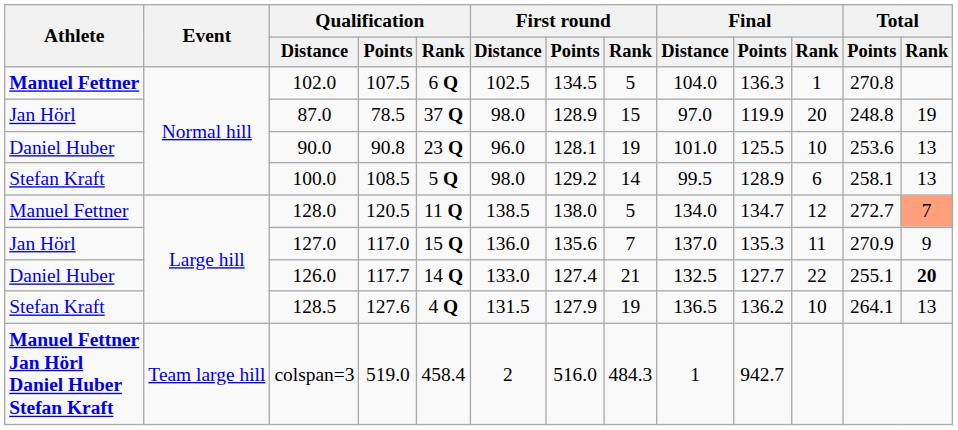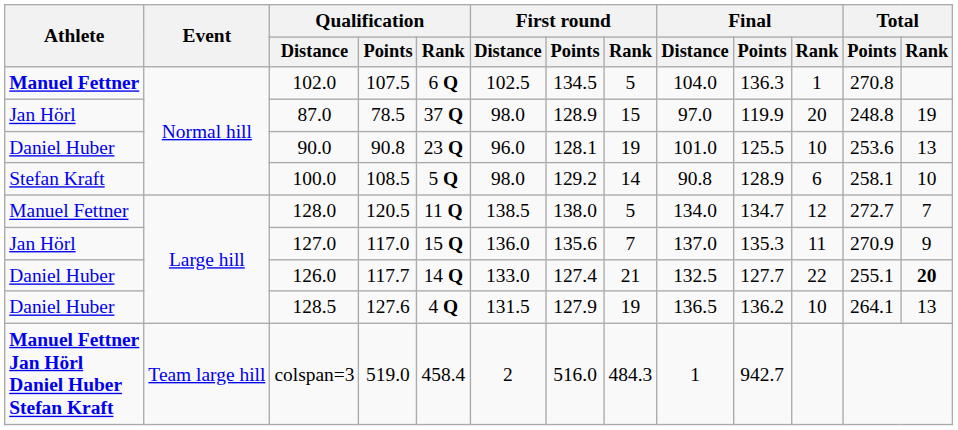 <table class=wikitable style="font-size:90%; text-align:center">
 <tr>
 <th rowspan=2>Athlete</th>
 <th rowspan=2>Event</th>
 <th colspan=3>Qualification</th>
 <th colspan=3>First round</th>
 <th colspan=3>Final</th>
 <th colspan=2>Total</th>
 </tr>
 <tr style="font-size:95%">
 <th>Distance</th>
 <th>Points</th>
 <th>Rank</th>
 <th>Distance</th>
 <th>Points</th>
 <th>Rank</th>
 <th>Distance</th>
 <th>Points</th>
 <th>Rank</th>
 <th>Points</th>
 <th>Rank</th>
 </tr>
 <tr>
 <td align=left><strong><a href='#'>Manuel Fettner</a></strong></td>
 <td rowspan=4><a href='#'>Normal hill</a></td>
 <td>102.0</td>
 <td>107.5</td>
 <td>6 <strong>Q</strong></td>
 <td>102.5</td>
 <td>134.5</td>
 <td>5</td>
 <td>104.0</td>
 <td>136.3</td>
 <td>1</td>
 <td>270.8</td>
 <td></td>
 </tr>
 <tr>
 <td align=left><a href='#'>Jan Hörl</a></td>
 <td>87.0</td>
 <td>78.5</td>
 <td>37 <strong>Q</strong></td>
 <td>98.0</td>
 <td>128.9</td>
 <td>15</td>
 <td>97.0</td>
 <td>119.9</td>
 <td>20</td>
 <td>248.8</td>
 <td>19</td>
 </tr>
 <tr>
 <td align=left><a href='#'>Daniel Huber</a></td>
 <td>90.0</td>
 <td>90.8</td>
 <td>23 <strong>Q</strong></td>
 <td>96.0</td>
 <td>128.1</td>
 <td>19</td>
 <td>101.0</td>
 <td>125.5</td>
 <td>10</td>
 <td>253.6</td>
 <td>13</td>
 </tr>
 <tr>
 <td align=left><a href='#'>Stefan Kraft</a></td>
 <td>100.0</td>
 <td>108.5</td>
 <td>5 <strong>Q</strong></td>
 <td>98.0</td>
 <td>129.2</td>
 <td>14</td>
-<td>99.5</td>
+<td>90.8</td>
 <td>128.9</td>
 <td>6</td>
 <td>258.1</td>
-<td>13</td>
+<td>10</td>
 </tr>
 <tr>
 <td align=left><a href='#'>Manuel Fettner</a></td>
 <td rowspan=4><a href='#'>Large hill</a></td>
 <td>128.0</td>
 <td>120.5</td>
 <td>11 <strong>Q</strong></td>
 <td>138.5</td>
 <td>138.0</td>
 <td>5</td>
 <td>134.0</td>
 <td>134.7</td>
 <td>12</td>
 <td>272.7</td>
-<td style="background: lightsalmon;">7</td>
+<td>7</td>
 </tr>
 <tr>
 <td align=left><a href='#'>Jan Hörl</a></td>
 <td>127.0</td>
 <td>117.0</td>
 <td>15 <strong>Q</strong></td>
 <td>136.0</td>
 <td>135.6</td>
 <td>7</td>
 <td>137.0</td>
 <td>135.3</td>
 <td>11</td>
 <td>270.9</td>
 <td>9</td>
 </tr>
 <tr>
 <td align=left><a href='#'>Daniel Huber</a></td>
 <td>126.0</td>
 <td>117.7</td>
 <td>14 <strong>Q</strong></td>
 <td>133.0</td>
 <td>127.4</td>
 <td>21</td>
 <td>132.5</td>
 <td>127.7</td>
 <td>22</td>
 <td>255.1</td>
 <td><strong>20</strong></td>
 </tr>
 <tr>
-<td align=left><a href='#'>Stefan Kraft</a></td>
+<td align=left><a href='#'>Daniel Huber</a></td>
 <td>128.5</td>
 <td>127.6</td>
 <td>4 <strong>Q</strong></td>
 <td>131.5</td>
 <td>127.9</td>
 <td>19</td>
 <td>136.5</td>
 <td>136.2</td>
 <td>10</td>
 <td>264.1</td>
 <td>13</td>
 </tr>
 <tr>
 <td align=left><strong><a href='#'>Manuel Fettner</a><br><a href='#'>Jan Hörl</a><br><a href='#'>Daniel Huber</a><br><a href='#'>Stefan Kraft</a></strong></td>
 <td align=left><a href='#'>Team large hill</a></td>
 <td>colspan=3 </td>
 <td>519.0</td>
 <td>458.4</td>
 <td>2</td>
 <td>516.0</td>
 <td>484.3</td>
 <td>1</td>
 <td>942.7</td>
 <td></td>
 </tr>
 </table>
